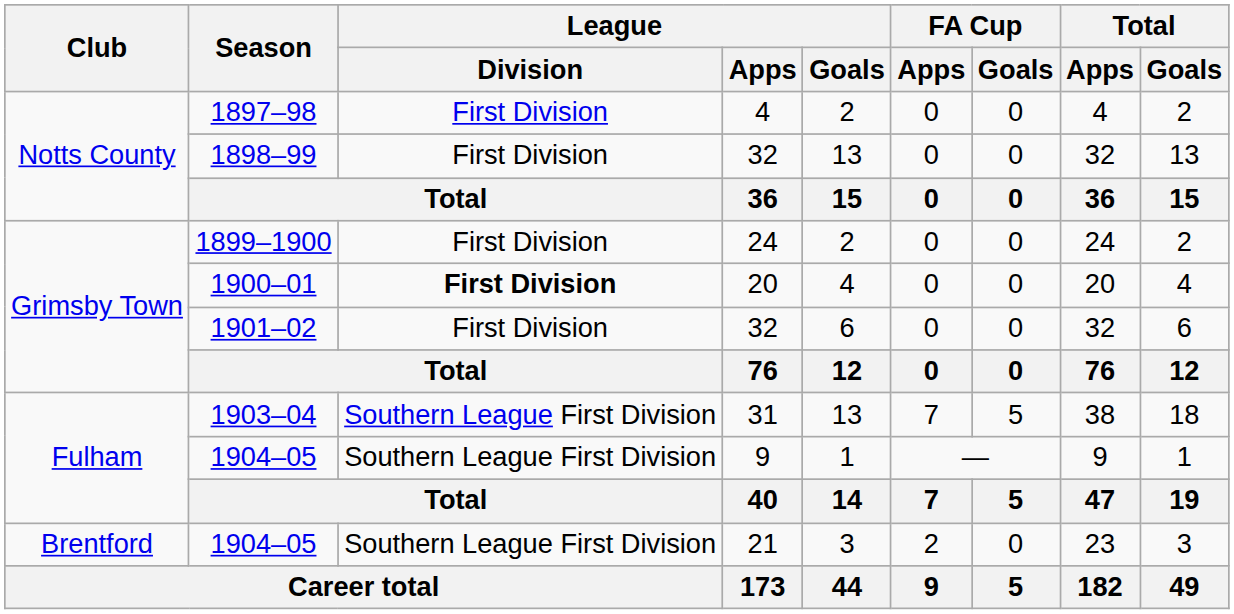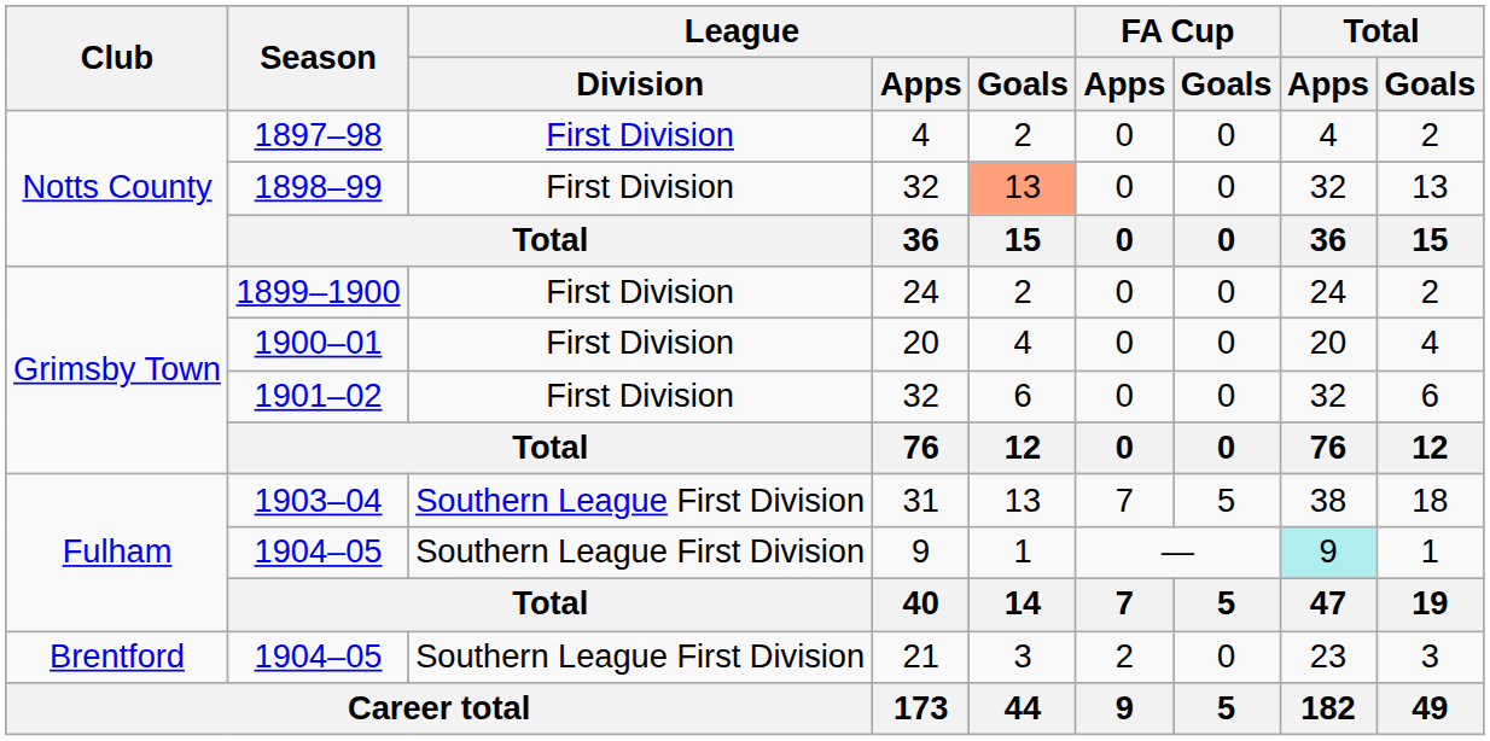 <table class="wikitable" style="text-align: center;">
 <tr>
 <th rowspan="2">Club</th>
 <th rowspan="2">Season</th>
 <th colspan="3">League</th>
 <th colspan="2">FA Cup</th>
 <th colspan="2">Total</th>
 </tr>
 <tr>
 <th>Division</th>
 <th>Apps</th>
 <th>Goals</th>
 <th>Apps</th>
 <th>Goals</th>
 <th>Apps</th>
 <th>Goals</th>
 </tr>
 <tr>
 <td rowspan="3"><a href='#'>Notts County</a></td>
 <td><a href='#'>1897–98</a></td>
 <td><a href='#'>First Division</a></td>
 <td>4</td>
 <td>2</td>
 <td>0</td>
 <td>0</td>
 <td>4</td>
 <td>2</td>
 </tr>
 <tr>
 <td><a href='#'>1898–99</a></td>
 <td>First Division</td>
 <td>32</td>
-<td>13</td>
+<td style="background: lightsalmon;">13</td>
 <td>0</td>
 <td>0</td>
 <td>32</td>
 <td>13</td>
 </tr>
 <tr>
 <th colspan="2">Total</th>
 <th>36</th>
 <th>15</th>
 <th>0</th>
 <th>0</th>
 <th>36</th>
 <th>15</th>
 </tr>
 <tr>
 <td rowspan="4"><a href='#'>Grimsby Town</a></td>
 <td><a href='#'>1899–1900</a></td>
 <td>First Division</td>
 <td>24</td>
 <td>2</td>
 <td>0</td>
 <td>0</td>
 <td>24</td>
 <td>2</td>
 </tr>
 <tr>
 <td><a href='#'>1900–01</a></td>
-<td><strong>First Division</strong></td>
+<td>First Division</td>
 <td>20</td>
 <td>4</td>
 <td>0</td>
 <td>0</td>
 <td>20</td>
 <td>4</td>
 </tr>
 <tr>
 <td><a href='#'>1901–02</a></td>
 <td>First Division</td>
 <td>32</td>
 <td>6</td>
 <td>0</td>
 <td>0</td>
 <td>32</td>
 <td>6</td>
 </tr>
 <tr>
 <th colspan="2">Total</th>
 <th>76</th>
 <th>12</th>
 <th>0</th>
 <th>0</th>
 <th>76</th>
 <th>12</th>
 </tr>
 <tr>
 <td rowspan="3"><a href='#'>Fulham</a></td>
 <td><a href='#'>1903–04</a></td>
 <td><a href='#'>Southern League</a> First Division</td>
 <td>31</td>
 <td>13</td>
 <td>7</td>
 <td>5</td>
 <td>38</td>
 <td>18</td>
 </tr>
 <tr>
 <td><a href='#'>1904–05</a></td>
 <td>Southern League First Division</td>
 <td>9</td>
 <td>1</td>
 <td colspan="2">—</td>
-<td>9</td>
+<td style="background: paleturquoise;">9</td>
 <td>1</td>
 </tr>
 <tr>
 <th colspan="2">Total</th>
 <th>40</th>
 <th>14</th>
 <th>7</th>
 <th>5</th>
 <th>47</th>
 <th>19</th>
 </tr>
 <tr>
 <td><a href='#'>Brentford</a></td>
 <td><a href='#'>1904–05</a></td>
 <td>Southern League First Division</td>
 <td>21</td>
 <td>3</td>
 <td>2</td>
 <td>0</td>
 <td>23</td>
 <td>3</td>
 </tr>
 <tr>
 <th colspan="3">Career total</th>
 <th>173</th>
 <th>44</th>
 <th>9</th>
 <th>5</th>
 <th>182</th>
 <th>49</th>
 </tr>
 </table>
